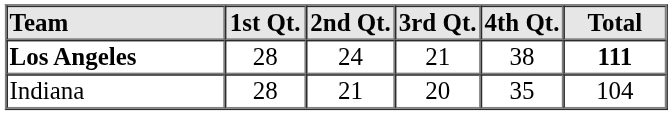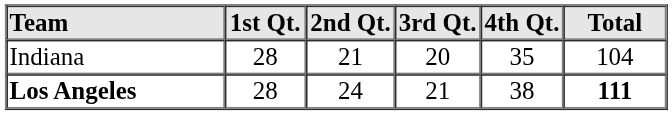 <table border=1 cellspacing=0 width=425 style="margin-left:3em;">
 <tr style="text-align:center; background-color:#e6e6e6;">
 <th align=left width=16%>Team</th>
 <th width=6%>1st Qt.</th>
 <th width=6%>2nd Qt.</th>
 <th width=6%>3rd Qt.</th>
 <th width=6%>4th Qt.</th>
 <th width=6%>Total</th>
 </tr>
 <tr style="text-align:center;">
+<td align=left>Indiana</td>
+<td>28</td>
+<td>21</td>
+<td>20</td>
+<td>35</td>
+<td>104</td>
+</tr>
+<tr style="text-align:center;">
 <td align=left><strong>Los Angeles</strong></td>
 <td>28</td>
 <td>24</td>
 <td>21</td>
 <td>38</td>
 <td><strong>111</strong></td>
 </tr>
 <tr style="text-align:center;">
-<td align=left>Indiana</td>
-<td>28</td>
-<td>21</td>
-<td>20</td>
-<td>35</td>
-<td>104</td>
-</tr>
-<tr style="text-align:center;">
 </tr>
 </table>
